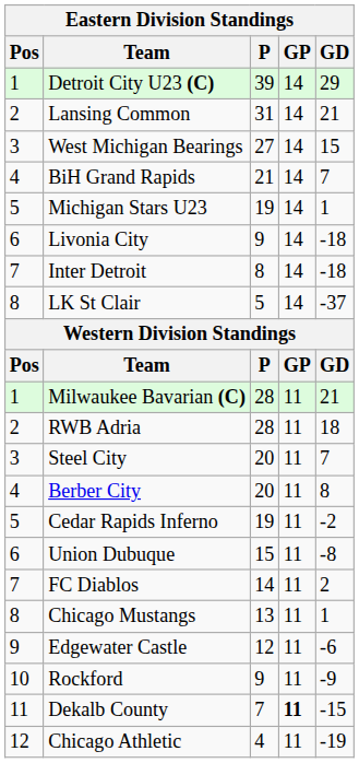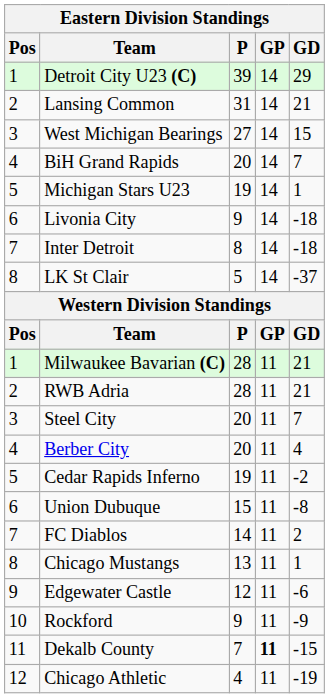 <table class="wikitable mw-collapsible">
 <tr>
 <th colspan="5">Eastern Division Standings</th>
 </tr>
 <tr>
 <th>Pos</th>
 <th>Team</th>
 <th>P</th>
 <th>GP</th>
 <th>GD</th>
 </tr>
 <tr style="background:#DDFCDD">
 <td>1</td>
 <td>Detroit City U23 <strong>(C)</strong></td>
 <td>39</td>
 <td>14</td>
 <td>29</td>
 </tr>
 <tr>
 <td>2</td>
 <td>Lansing Common</td>
 <td>31</td>
 <td>14</td>
 <td>21</td>
 </tr>
 <tr>
 <td>3</td>
 <td>West Michigan Bearings</td>
 <td>27</td>
 <td>14</td>
 <td>15</td>
 </tr>
 <tr>
 <td>4</td>
 <td>BiH Grand Rapids</td>
-<td>21</td>
+<td>20</td>
 <td>14</td>
 <td>7</td>
 </tr>
 <tr>
 <td>5</td>
 <td>Michigan Stars U23</td>
 <td>19</td>
 <td>14</td>
 <td>1</td>
 </tr>
 <tr>
 <td>6</td>
 <td>Livonia City</td>
 <td>9</td>
 <td>14</td>
 <td>-18</td>
 </tr>
 <tr>
 <td>7</td>
 <td>Inter Detroit</td>
 <td>8</td>
 <td>14</td>
 <td>-18</td>
 </tr>
 <tr>
 <td>8</td>
 <td>LK St Clair</td>
 <td>5</td>
 <td>14</td>
 <td>-37</td>
 </tr>
 <tr>
 <th colspan="5">Western Division Standings</th>
 </tr>
 <tr>
 <th>Pos</th>
 <th>Team</th>
 <th>P</th>
 <th>GP</th>
 <th>GD</th>
 </tr>
 <tr style="background:#DDFCDD">
 <td>1</td>
 <td>Milwaukee Bavarian <strong>(C)</strong></td>
 <td>28</td>
 <td>11</td>
 <td>21</td>
 </tr>
 <tr>
 <td>2</td>
 <td>RWB Adria</td>
 <td>28</td>
 <td>11</td>
-<td>18</td>
+<td>21</td>
 </tr>
 <tr>
 <td>3</td>
 <td>Steel City</td>
 <td>20</td>
 <td>11</td>
 <td>7</td>
 </tr>
 <tr>
 <td>4</td>
 <td><a href='#'>Berber City</a></td>
 <td>20</td>
 <td>11</td>
-<td>8</td>
+<td>4</td>
 </tr>
 <tr>
 <td>5</td>
 <td>Cedar Rapids Inferno</td>
 <td>19</td>
 <td>11</td>
 <td>-2</td>
 </tr>
 <tr>
 <td>6</td>
 <td>Union Dubuque</td>
 <td>15</td>
 <td>11</td>
 <td>-8</td>
 </tr>
 <tr>
 <td>7</td>
 <td>FC Diablos</td>
 <td>14</td>
 <td>11</td>
 <td>2</td>
 </tr>
 <tr>
 <td>8</td>
 <td>Chicago Mustangs</td>
 <td>13</td>
 <td>11</td>
 <td>1</td>
 </tr>
 <tr>
 <td>9</td>
 <td>Edgewater Castle</td>
 <td>12</td>
 <td>11</td>
 <td>-6</td>
 </tr>
 <tr>
 <td>10</td>
 <td>Rockford</td>
 <td>9</td>
 <td>11</td>
 <td>-9</td>
 </tr>
 <tr>
 <td>11</td>
 <td>Dekalb County</td>
 <td>7</td>
 <td><strong>11</strong></td>
 <td>-15</td>
 </tr>
 <tr>
 <td>12</td>
 <td>Chicago Athletic</td>
 <td>4</td>
 <td>11</td>
 <td>-19</td>
 </tr>
 </table>
